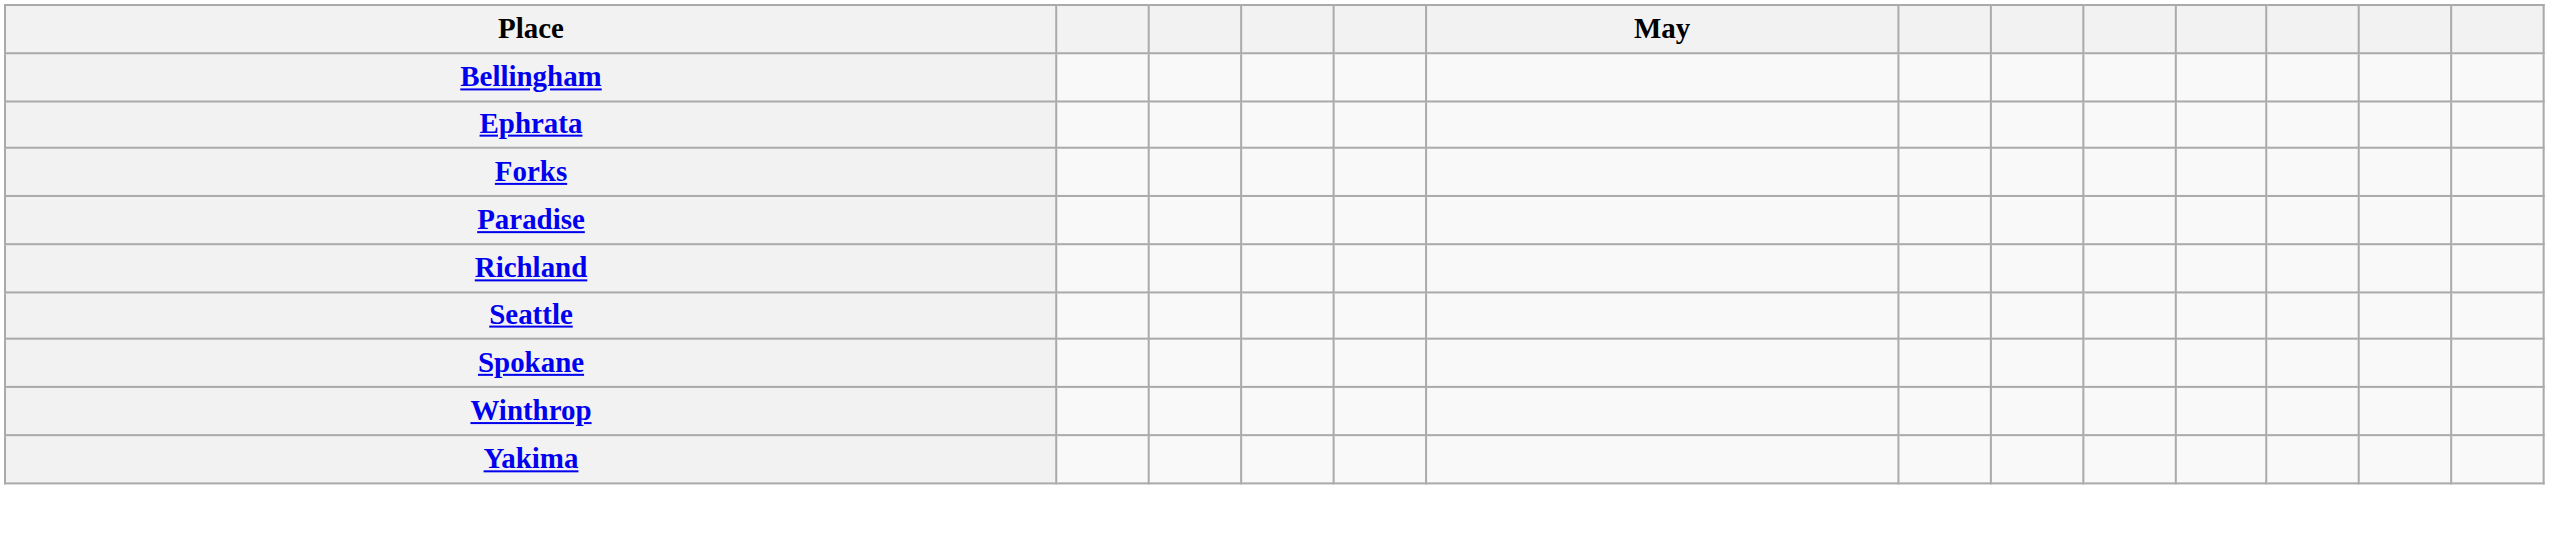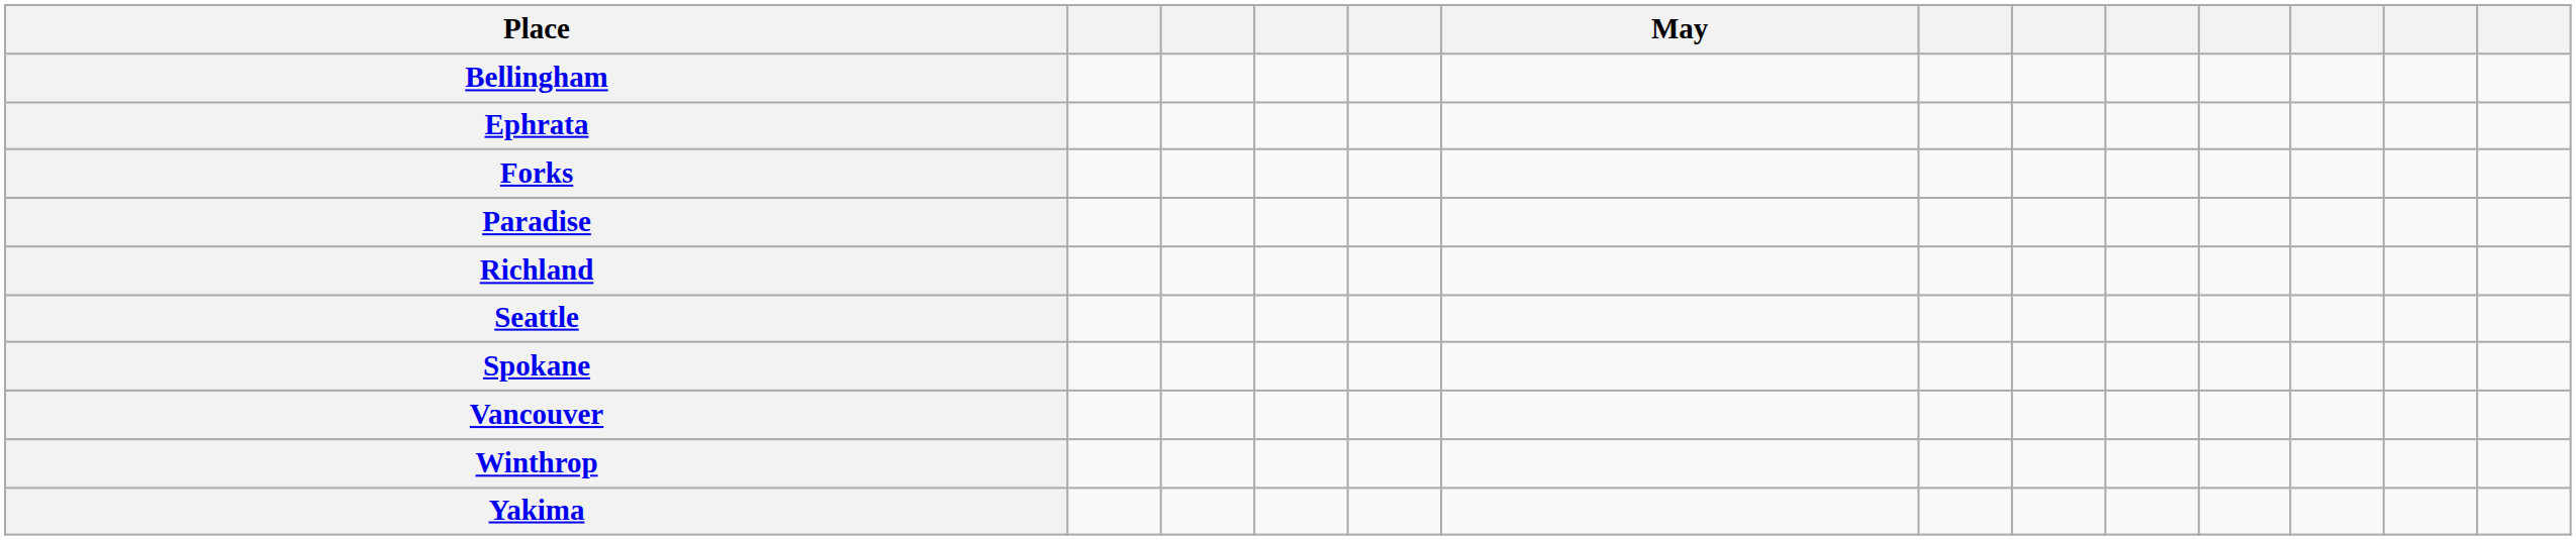 <table class="wikitable sortable" style="text-align: center; font-size:90%; margin: 1em auto; width: 100%;">
 <tr>
 <th data-sort-type="text">Place</th>
 <th data-sort-type="number"></th>
 <th data-sort-type="number"></th>
 <th data-sort-type="number"></th>
 <th data-sort-type="number"></th>
 <th data-sort-type="number">May</th>
 <th data-sort-type="number"></th>
 <th data-sort-type="number"></th>
 <th data-sort-type="number"></th>
 <th data-sort-type="number"></th>
 <th data-sort-type="number"></th>
 <th data-sort-type="number"></th>
 <th data-sort-type="number"></th>
 </tr>
 <tr>
 <th><a href='#'>Bellingham</a></th>
 <td data-sort-value="41.6" title="average temperature: 41.6" ></td>
 <td data-sort-value="42.7" title="average temperature: 42.7" ></td>
 <td data-sort-value="46.1" title="average temperature: 46.1" ></td>
 <td data-sort-value="50.2" title="average temperature: 50.2" ></td>
 <td data-sort-value="55.5" title="average temperature: 55.5" ></td>
 <td data-sort-value="60.0" title="average temperature: 60.0" ></td>
 <td data-sort-value="63.6" title="average temperature: 63.6" ></td>
 <td data-sort-value="63.9" title="average temperature: 63.9" ></td>
 <td data-sort-value="59.0" title="average temperature: 59.0" ></td>
 <td data-sort-value="51.8" title="average temperature: 51.8" ></td>
 <td data-sort-value="45.3" title="average temperature: 45.3" ></td>
 <td data-sort-value="40.4" title="average temperature: 40.4" ></td>
 </tr>
 <tr>
 <th><a href='#'>Ephrata</a></th>
 <td data-sort-value="28.8" title="average temperature: 28.8" ></td>
 <td data-sort-value="34.1" title="average temperature: 34.1" ></td>
 <td data-sort-value="43.0" title="average temperature: 43.0" ></td>
 <td data-sort-value="50.4" title="average temperature: 50.4" ></td>
 <td data-sort-value="59.3" title="average temperature: 59.3" ></td>
 <td data-sort-value="66.6" title="average temperature: 66.6" ></td>
 <td data-sort-value="74.2" title="average temperature: 74.2" ></td>
 <td data-sort-value="72.9" title="average temperature: 72.9" ></td>
 <td data-sort-value="63.8" title="average temperature: 63.8" ></td>
 <td data-sort-value="50.5" title="average temperature: 50.5" ></td>
 <td data-sort-value="37.0" title="average temperature: 37.0" ></td>
 <td data-sort-value="27.4" title="average temperature: 27.4" ></td>
 </tr>
 <tr>
 <th><a href='#'>Forks</a></th>
 <td data-sort-value="41.6" title="average temperature: 41.6" ></td>
 <td data-sort-value="42.1" title="average temperature: 42.1" ></td>
 <td data-sort-value="44.1" title="average temperature: 44.1" ></td>
 <td data-sort-value="46.7" title="average temperature: 46.7" ></td>
 <td data-sort-value="51.3" title="average temperature: 51.3" ></td>
 <td data-sort-value="55.3" title="average temperature: 55.3" ></td>
 <td data-sort-value="58.9" title="average temperature: 58.9" ></td>
 <td data-sort-value="59.6" title="average temperature: 59.6" ></td>
 <td data-sort-value="56.6" title="average temperature: 56.6" ></td>
 <td data-sort-value="50.0" title="average temperature: 50.0" ></td>
 <td data-sort-value="44.2" title="average temperature: 44.2" ></td>
 <td data-sort-value="40.4" title="average temperature: 40.4" ></td>
 </tr>
 <tr>
 <th><a href='#'>Paradise</a></th>
 <td data-sort-value="28.7" title="average temperature: 28.7" ></td>
 <td data-sort-value="28.9" title="average temperature: 28.9" ></td>
 <td data-sort-value="30.8" title="average temperature: 30.8" ></td>
 <td data-sort-value="34.0" title="average temperature: 34.0" ></td>
 <td data-sort-value="40.5" title="average temperature: 40.5" ></td>
 <td data-sort-value="45.5" title="average temperature: 45.5" ></td>
 <td data-sort-value="53.0" title="average temperature: 53.0" ></td>
 <td data-sort-value="54.2" title="average temperature: 54.2" ></td>
 <td data-sort-value="48.9" title="average temperature: 48.9" ></td>
 <td data-sort-value="40.1" title="average temperature: 40.1" ></td>
 <td data-sort-value="31.0" title="average temperature: 31.0" ></td>
 <td data-sort-value="27.4" title="average temperature: 27.4" ></td>
 </tr>
 <tr>
 <th><a href='#'>Richland</a></th>
 <td data-sort-value="34.8" title="average temperature: 34.8" ></td>
 <td data-sort-value="38.8" title="average temperature: 38.8" ></td>
 <td data-sort-value="46.4" title="average temperature: 46.4" ></td>
 <td data-sort-value="52.8" title="average temperature: 52.8" ></td>
 <td data-sort-value="60.4" title="average temperature: 60.4" ></td>
 <td data-sort-value="67.0" title="average temperature: 67.0" ></td>
 <td data-sort-value="73.7" title="average temperature: 73.7" ></td>
 <td data-sort-value="72.9" title="average temperature: 72.9" ></td>
 <td data-sort-value="64.3" title="average temperature: 64.3" ></td>
 <td data-sort-value="52.4" title="average temperature: 52.4" ></td>
 <td data-sort-value="41.4" title="average temperature: 41.4" ></td>
 <td data-sort-value="32.8" title="average temperature: 32.8" ></td>
 </tr>
 <tr>
 <th><a href='#'>Seattle</a></th>
 <td data-sort-value="42.0" title="average temperature: 42.0" ></td>
 <td data-sort-value="43.4" title="average temperature: 43.4" ></td>
 <td data-sort-value="46.5" title="average temperature: 46.5" ></td>
 <td data-sort-value="50.3" title="average temperature: 50.3" ></td>
 <td data-sort-value="56.0" title="average temperature: 56.0" ></td>
 <td data-sort-value="60.9" title="average temperature: 60.9" ></td>
 <td data-sort-value="65.7" title="average temperature: 65.7" ></td>
 <td data-sort-value="66.1" title="average temperature: 66.1" ></td>
 <td data-sort-value="61.3" title="average temperature: 61.3" ></td>
 <td data-sort-value="52.8" title="average temperature: 52.8" ></td>
 <td data-sort-value="45.4" title="average temperature: 45.4" ></td>
 <td data-sort-value="40.6" title="average temperature: 40.6" ></td>
 </tr>
 <tr>
 <th><a href='#'>Spokane</a></th>
 <td data-sort-value="29.1" title="average temperature: 29.1" ></td>
 <td data-sort-value="32.6" title="average temperature: 32.6" ></td>
 <td data-sort-value="39.8" title="average temperature: 39.8" ></td>
 <td data-sort-value="46.5" title="average temperature: 46.5" ></td>
 <td data-sort-value="54.7" title="average temperature: 54.7" ></td>
 <td data-sort-value="61.7" title="average temperature: 61.7" ></td>
 <td data-sort-value="69.3" title="average temperature: 69.3" ></td>
 <td data-sort-value="68.9" title="average temperature: 68.9" ></td>
 <td data-sort-value="59.7" title="average temperature: 59.7" ></td>
 <td data-sort-value="47.2" title="average temperature: 47.2" ></td>
 <td data-sort-value="35.3" title="average temperature: 35.3" ></td>
 <td data-sort-value="27.0" title="average temperature: 27.0" ></td>
 </tr>
 <tr>
+<th><a href='#'>Vancouver</a></th>
+<td data-sort-value="40.0" title="average temperature: 40.0" ></td>
+<td data-sort-value="42.1" title="average temperature: 42.1" ></td>
+<td data-sort-value="46.2" title="average temperature: 46.2" ></td>
+<td data-sort-value="50.1" title="average temperature: 50.1" ></td>
+<td data-sort-value="55.9" title="average temperature: 55.9" ></td>
+<td data-sort-value="60.9" title="average temperature: 60.9" ></td>
+<td data-sort-value="65.9" title="average temperature: 65.9" ></td>
+<td data-sort-value="66.0" title="average temperature: 66.0" ></td>
+<td data-sort-value="61.0" title="average temperature: 61.0" ></td>
+<td data-sort-value="52.3" title="average temperature: 52.3" ></td>
+<td data-sort-value="44.8" title="average temperature: 44.8" ></td>
+<td data-sort-value="38.8" title="average temperature: 38.8" ></td>
+</tr>
+<tr>
 <th><a href='#'>Winthrop</a></th>
 <td data-sort-value="23.1" title="average temperature: 23.1" ></td>
 <td data-sort-value="28.6" title="average temperature: 28.6" ></td>
 <td data-sort-value="38.7" title="average temperature: 38.7" ></td>
 <td data-sort-value="47.3" title="average temperature: 47.3" ></td>
 <td data-sort-value="55.3" title="average temperature: 55.3" ></td>
 <td data-sort-value="61.9" title="average temperature: 61.9" ></td>
 <td data-sort-value="68.1" title="average temperature: 68.1" ></td>
 <td data-sort-value="67.6" title="average temperature: 67.6" ></td>
 <td data-sort-value="59.1" title="average temperature: 59.1" ></td>
 <td data-sort-value="46.9" title="average temperature: 46.9" ></td>
 <td data-sort-value="33.1" title="average temperature: 33.1" ></td>
 <td data-sort-value="21.6" title="average temperature: 21.6" ></td>
 </tr>
 <tr>
 <th><a href='#'>Yakima</a></th>
 <td data-sort-value="31.0" title="average temperature: 31.0" ></td>
 <td data-sort-value="36.1" title="average temperature: 36.1" ></td>
 <td data-sort-value="43.2" title="average temperature: 43.2" ></td>
 <td data-sort-value="49.1" title="average temperature: 49.1" ></td>
 <td data-sort-value="57.1" title="average temperature: 57.1" ></td>
 <td data-sort-value="63.9" title="average temperature: 63.9" ></td>
 <td data-sort-value="70.6" title="average temperature: 70.6" ></td>
 <td data-sort-value="69.3" title="average temperature: 69.3" ></td>
 <td data-sort-value="60.8" title="average temperature: 60.8" ></td>
 <td data-sort-value="49.0" title="average temperature: 49.0" ></td>
 <td data-sort-value="37.3" title="average temperature: 37.3" ></td>
 <td data-sort-value="28.5" title="average temperature: 28.5" ></td>
 </tr>
 </table>
